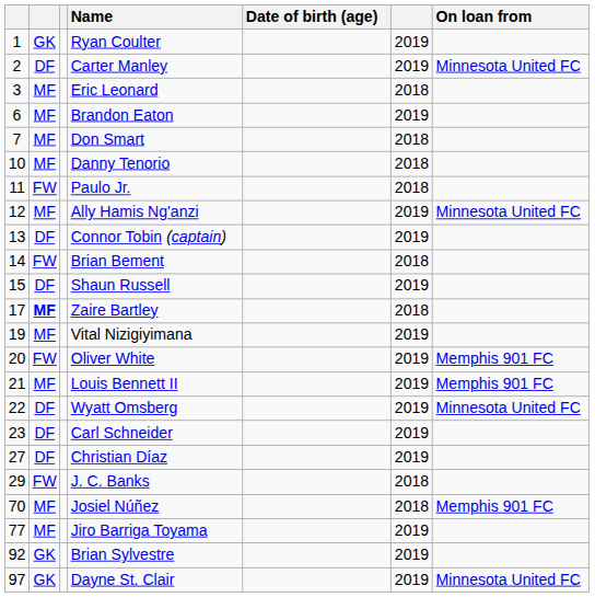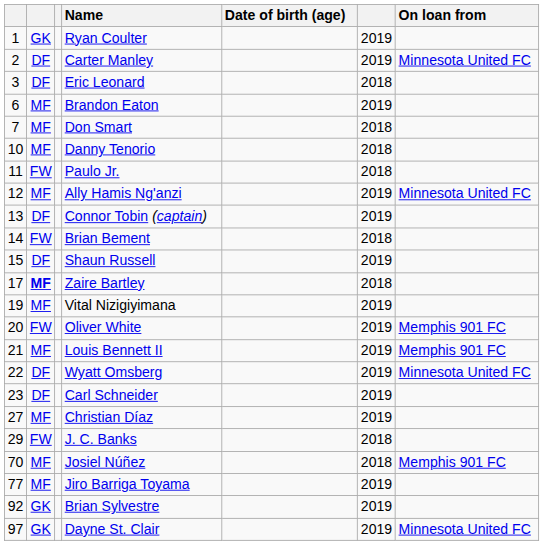 <table class="wikitable sortable" style="text-align:center">
 <tr>
 <th></th>
 <th></th>
 <th></th>
 <th style="text-align:left; width:200px;">Name</th>
 <th style="text-align:left; width:180px;">Date of birth (age)</th>
 <th></th>
 <th style="text-align:left; width:180px;">On loan from</th>
 </tr>
 <tr>
 <td>1</td>
 <td><a href='#'>GK</a></td>
 <td></td>
 <td style="text-align:left" data-sort-value="Coulter, Ryan"><a href='#'>Ryan Coulter</a></td>
 <td style="text-align:left"></td>
 <td>2019</td>
 <td style="text-align:left;"></td>
 </tr>
 <tr>
 <td>2</td>
 <td><a href='#'>DF</a></td>
 <td></td>
 <td style="text-align:left" data-sort-value="Manley, Carter"><a href='#'>Carter Manley</a></td>
 <td style="text-align:left"></td>
 <td>2019</td>
 <td style="text-align:left;"><a href='#'>Minnesota United FC</a></td>
 </tr>
 <tr>
 <td>3</td>
-<td><a href='#'>MF</a></td>
+<td><a href='#'>DF</a></td>
 <td></td>
 <td style="text-align:left" data-sort-value="Leonard, Eric"><a href='#'>Eric Leonard</a></td>
 <td style="text-align:left"></td>
 <td>2018</td>
 <td style="text-align:left;"></td>
 </tr>
 <tr>
 <td>6</td>
 <td><a href='#'>MF</a></td>
 <td></td>
 <td style="text-align:left" data-sort-value="Eaton, Brandon"><a href='#'>Brandon Eaton</a></td>
 <td style="text-align:left"></td>
 <td>2019</td>
 <td style="text-align:left;"></td>
 </tr>
 <tr>
 <td>7</td>
 <td><a href='#'>MF</a></td>
 <td></td>
 <td style="text-align:left" data-sort-value="Smart, Don"><a href='#'>Don Smart</a></td>
 <td style="text-align:left"></td>
 <td>2018</td>
 <td style="text-align:left;"></td>
 </tr>
 <tr>
 <td>10</td>
 <td><a href='#'>MF</a></td>
 <td></td>
 <td style="text-align:left" data-sort-value="Tenorio, Danny"><a href='#'>Danny Tenorio</a></td>
 <td style="text-align:left"></td>
 <td>2018</td>
 <td style="text-align:left;"></td>
 </tr>
 <tr>
 <td>11</td>
 <td><a href='#'>FW</a></td>
 <td></td>
 <td style="text-align:left" data-sort-value="Paulo Jr"><a href='#'>Paulo Jr.</a></td>
 <td style="text-align:left"></td>
 <td>2018</td>
 <td style="text-align:left;"></td>
 </tr>
 <tr>
 <td>12</td>
 <td><a href='#'>MF</a></td>
 <td></td>
 <td style="text-align:left" data-sort-value="Nganzi, Ally Hamis"><a href='#'>Ally Hamis Ng'anzi</a></td>
 <td style="text-align:left"></td>
 <td>2019</td>
 <td style="text-align:left;"><a href='#'>Minnesota United FC</a></td>
 </tr>
 <tr>
 <td>13</td>
 <td><a href='#'>DF</a></td>
 <td></td>
 <td style="text-align:left" data-sort-value="Tobin, Connor"><a href='#'>Connor Tobin</a> <em>(<a href='#'>captain</a>)</em></td>
 <td style="text-align:left"></td>
 <td>2019</td>
 </tr>
 <tr>
 <td>14</td>
 <td><a href='#'>FW</a></td>
 <td></td>
 <td style="text-align:left" data-sort-value="Bement, Brian"><a href='#'>Brian Bement</a></td>
 <td style="text-align:left"></td>
 <td>2018</td>
 <td style="text-align:left;"></td>
 </tr>
 <tr>
 <td>15</td>
 <td><a href='#'>DF</a></td>
 <td></td>
 <td style="text-align:left" data-sort-value="Russell, Shaun"><a href='#'>Shaun Russell</a></td>
 <td style="text-align:left"></td>
 <td>2019</td>
 <td style="text-align:left;"></td>
 </tr>
 <tr>
 <td>17</td>
 <td><strong><a href='#'>MF</a></strong></td>
 <td></td>
 <td style="text-align:left" data-sort-value="Bartley, Zaire"><a href='#'>Zaire Bartley</a></td>
 <td style="text-align:left"></td>
 <td>2018</td>
 <td style="text-align:left;"></td>
 </tr>
 <tr>
 <td>19</td>
 <td><a href='#'>MF</a></td>
 <td></td>
 <td style="text-align:left" data-sort-value="Nizigiyimana, Vital">Vital Nizigiyimana</td>
 <td style="text-align:left"></td>
 <td>2019</td>
 <td style="text-align:left;"></td>
 </tr>
 <tr>
 <td>20</td>
 <td><a href='#'>FW</a></td>
 <td></td>
 <td style="text-align:left" data-sort-value="White, Oliver"><a href='#'>Oliver White</a></td>
 <td style="text-align:left"></td>
 <td>2019</td>
 <td style="text-align:left;"><a href='#'>Memphis 901 FC</a></td>
 </tr>
 <tr>
 <td>21</td>
 <td><a href='#'>MF</a></td>
 <td></td>
 <td style="text-align:left" data-sort-value="Bennett II, Louis"><a href='#'>Louis Bennett II</a></td>
 <td style="text-align:left"></td>
 <td>2019</td>
 <td style="text-align:left;"><a href='#'>Memphis 901 FC</a></td>
 </tr>
 <tr>
 <td>22</td>
 <td><a href='#'>DF</a></td>
 <td></td>
 <td style="text-align:left" data-sort-value="Omsberg, Wyatt"><a href='#'>Wyatt Omsberg</a></td>
 <td style="text-align:left"></td>
 <td>2019</td>
 <td style="text-align:left;"><a href='#'>Minnesota United FC</a></td>
 </tr>
 <tr>
 <td>23</td>
 <td><a href='#'>DF</a></td>
 <td></td>
 <td style="text-align:left" data-sort-value="Schneider, Carl"><a href='#'>Carl Schneider</a></td>
 <td style="text-align:left"></td>
 <td>2019</td>
 <td style="text-align:left;"></td>
 </tr>
 <tr>
 <td>27</td>
-<td><a href='#'>DF</a></td>
+<td><a href='#'>MF</a></td>
 <td></td>
 <td style="text-align:left" data-sort-value="Diaz, Christian"><a href='#'>Christian Díaz</a></td>
 <td style="text-align:left"></td>
 <td>2019</td>
 <td style="text-align:left;"></td>
 </tr>
 <tr>
 <td>29</td>
 <td><a href='#'>FW</a></td>
 <td></td>
 <td style="text-align:left" data-sort-value="Banks, J C"><a href='#'>J. C. Banks</a></td>
 <td style="text-align:left"></td>
 <td>2018</td>
 <td style="text-align:left;"></td>
 </tr>
 <tr>
 <td>70</td>
 <td><a href='#'>MF</a></td>
 <td></td>
 <td style="text-align:left" data-sort-value="Nunez, Josiel"><a href='#'>Josiel Núñez</a></td>
 <td style="text-align:left"></td>
 <td>2018</td>
 <td style="text-align:left;"><a href='#'>Memphis 901 FC</a></td>
 </tr>
 <tr>
 <td>77</td>
 <td><a href='#'>MF</a></td>
 <td></td>
 <td style="text-align:left" data-sort-value="Barriga Toyama, Jiro"><a href='#'>Jiro Barriga Toyama</a></td>
 <td style="text-align:left"></td>
 <td>2019</td>
 <td style="text-align:left;"></td>
 </tr>
 <tr>
 <td>92</td>
 <td><a href='#'>GK</a></td>
 <td></td>
 <td style="text-align:left" data-sort-value="Sylvestre, Brian"><a href='#'>Brian Sylvestre</a></td>
 <td style="text-align:left"></td>
 <td>2019</td>
 <td style="text-align:left;"></td>
 </tr>
 <tr>
 <td>97</td>
 <td><a href='#'>GK</a></td>
 <td></td>
 <td style="text-align:left" data-sort-value="St Clair, Dayne"><a href='#'>Dayne St. Clair</a></td>
 <td style="text-align:left"></td>
 <td>2019</td>
 <td style="text-align:left;"><a href='#'>Minnesota United FC</a></td>
 </tr>
 </table>
